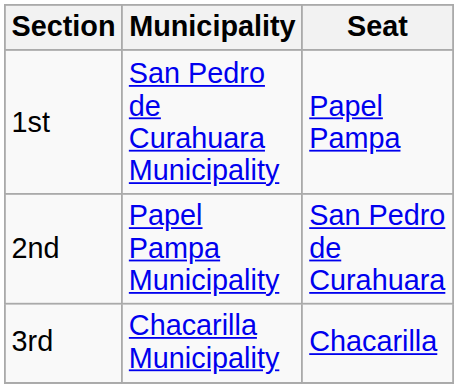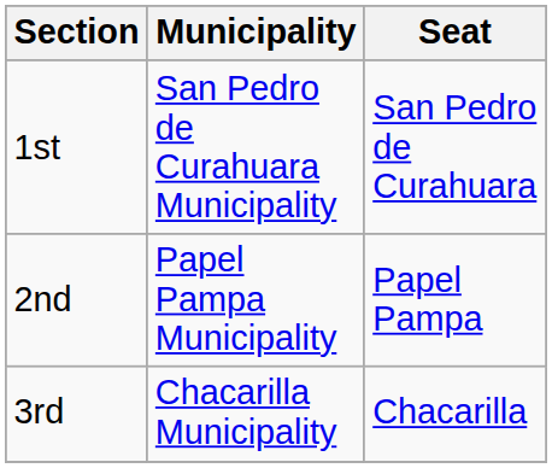 <table class="wikitable" border="1" style="width:40%;" border="1">
 <tr bgcolor=silver>
 <th><strong>Section</strong></th>
 <th><strong>Municipality</strong></th>
 <th><strong>Seat</strong></th>
 </tr>
 <tr>
 <td>1st</td>
 <td><a href='#'>San Pedro de Curahuara Municipality</a></td>
-<td><a href='#'>Papel Pampa</a></td>
+<td><a href='#'>San Pedro de Curahuara</a></td>
 </tr>
 <tr>
 <td>2nd</td>
 <td><a href='#'>Papel Pampa Municipality</a></td>
-<td><a href='#'>San Pedro de Curahuara</a></td>
+<td><a href='#'>Papel Pampa</a></td>
 </tr>
 <tr>
 <td>3rd</td>
 <td><a href='#'>Chacarilla Municipality</a></td>
 <td><a href='#'>Chacarilla</a></td>
 </tr>
 <tr>
 </tr>
 </table>
